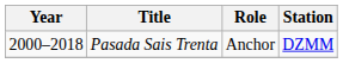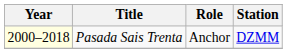 <table class="wikitable">
 <tr>
 <th><strong>Year</strong></th>
 <th><strong>Title</strong></th>
 <th><strong>Role</strong></th>
 <th><strong>Station</strong></th>
 </tr>
 <tr>
-<td>2000–2018</td>
+<td style="background: lightyellow;">2000–2018</td>
 <td><em>Pasada Sais Trenta</em></td>
 <td>Anchor</td>
 <td><a href='#'>DZMM</a></td>
 </tr>
 <tr>
 </tr>
 </table>
